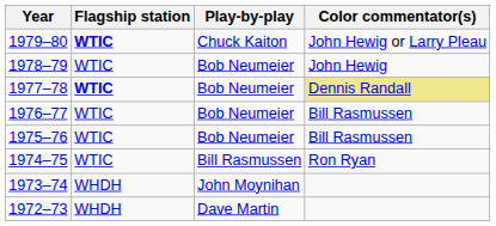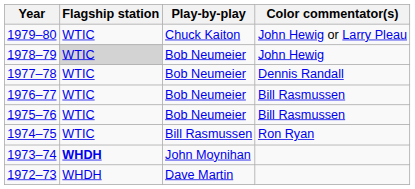 <table class="wikitable">
 <tr>
 <th>Year</th>
 <th>Flagship station</th>
 <th>Play-by-play</th>
 <th>Color commentator(s)</th>
 </tr>
 <tr>
 <td><a href='#'>1979–80</a></td>
-<td><strong><a href='#'>WTIC</a></strong></td>
+<td><a href='#'>WTIC</a></td>
 <td><a href='#'>Chuck Kaiton</a></td>
 <td><a href='#'>John Hewig</a> or <a href='#'>Larry Pleau</a></td>
 </tr>
 <tr>
 <td><a href='#'>1978–79</a></td>
-<td><a href='#'>WTIC</a></td>
+<td style="background: lightgrey;"><a href='#'>WTIC</a></td>
 <td><a href='#'>Bob Neumeier</a></td>
 <td><a href='#'>John Hewig</a></td>
 </tr>
 <tr>
 <td><a href='#'>1977–78</a></td>
-<td><strong><a href='#'>WTIC</a></strong></td>
+<td><a href='#'>WTIC</a></td>
 <td><a href='#'>Bob Neumeier</a></td>
-<td style="background: khaki;"><a href='#'>Dennis Randall</a></td>
+<td><a href='#'>Dennis Randall</a></td>
 </tr>
 <tr>
 <td><a href='#'>1976–77</a></td>
 <td><a href='#'>WTIC</a></td>
 <td><a href='#'>Bob Neumeier</a></td>
 <td><a href='#'>Bill Rasmussen</a></td>
 </tr>
 <tr>
 <td><a href='#'>1975–76</a></td>
 <td><a href='#'>WTIC</a></td>
 <td><a href='#'>Bob Neumeier</a></td>
 <td><a href='#'>Bill Rasmussen</a></td>
 </tr>
 <tr>
 <td><a href='#'>1974–75</a></td>
 <td><a href='#'>WTIC</a></td>
 <td><a href='#'>Bill Rasmussen</a></td>
 <td><a href='#'>Ron Ryan</a></td>
 </tr>
 <tr>
 <td><a href='#'>1973–74</a></td>
-<td><a href='#'>WHDH</a></td>
+<td><strong><a href='#'>WHDH</a></strong></td>
 <td><a href='#'>John Moynihan</a></td>
 <td></td>
 </tr>
 <tr>
 <td><a href='#'>1972–73</a></td>
 <td><a href='#'>WHDH</a></td>
 <td><a href='#'>Dave Martin</a></td>
 </tr>
 </table>
